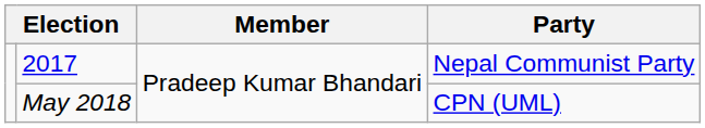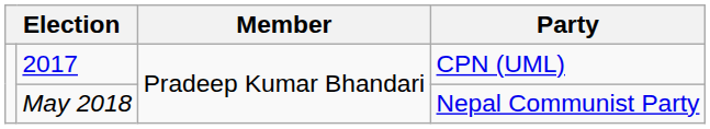 <table class="wikitable">
 <tr>
 <th colspan="2">Election</th>
 <th>Member</th>
 <th>Party</th>
 </tr>
 <tr>
 <td rowspan="2" style="background-color:"></td>
 <td><a href='#'>2017</a></td>
 <td rowspan="2">Pradeep Kumar Bhandari</td>
-<td><a href='#'>Nepal Communist Party</a></td>
+<td><a href='#'>CPN (UML)</a></td>
 </tr>
 <tr>
 <td><em>May 2018</em></td>
-<td><a href='#'>CPN (UML)</a></td>
+<td><a href='#'>Nepal Communist Party</a></td>
 </tr>
 </table>
